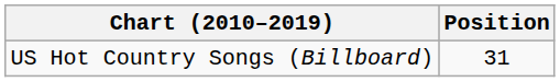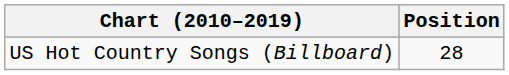 <table class="wikitable">
 <tr>
 <th>Chart (2010–2019)</th>
 <th>Position</th>
 </tr>
 <tr>
 <td>US Hot Country Songs (<em>Billboard</em>)</td>
-<td style="text-align:center;">31</td>
+<td style="text-align:center;">28</td>
 </tr>
 </table>
